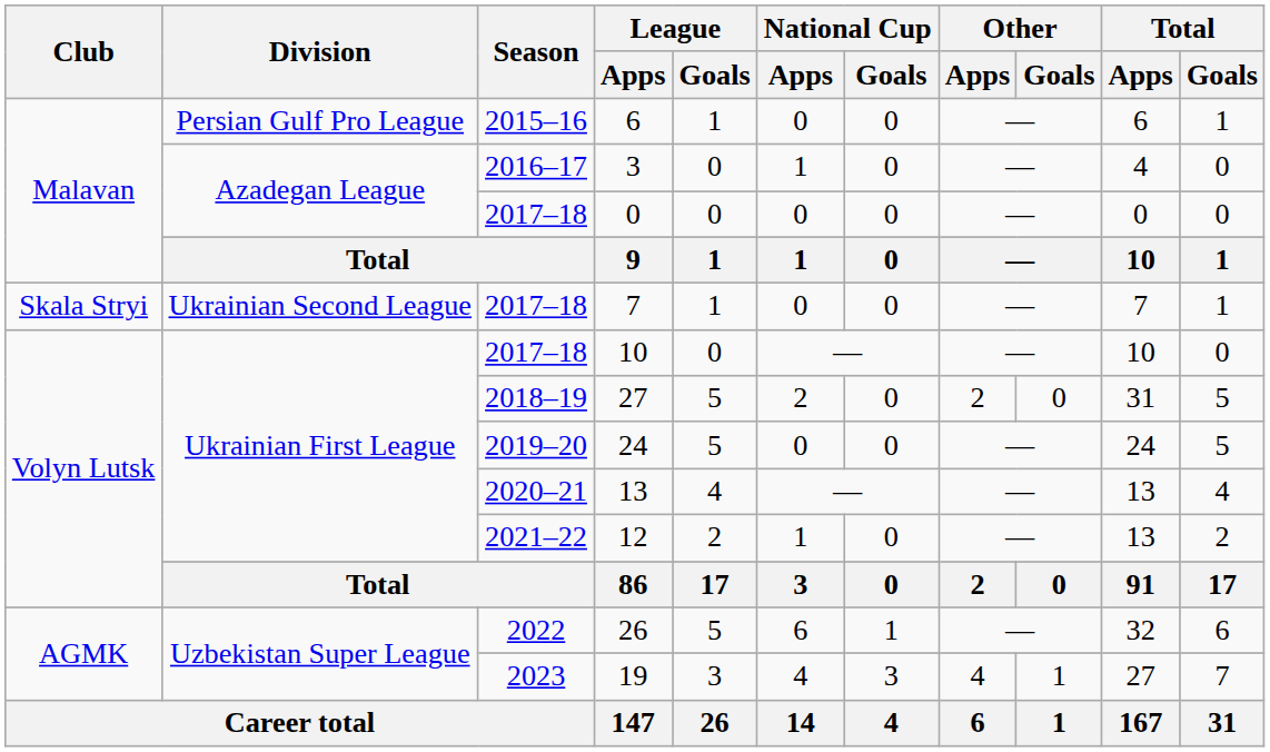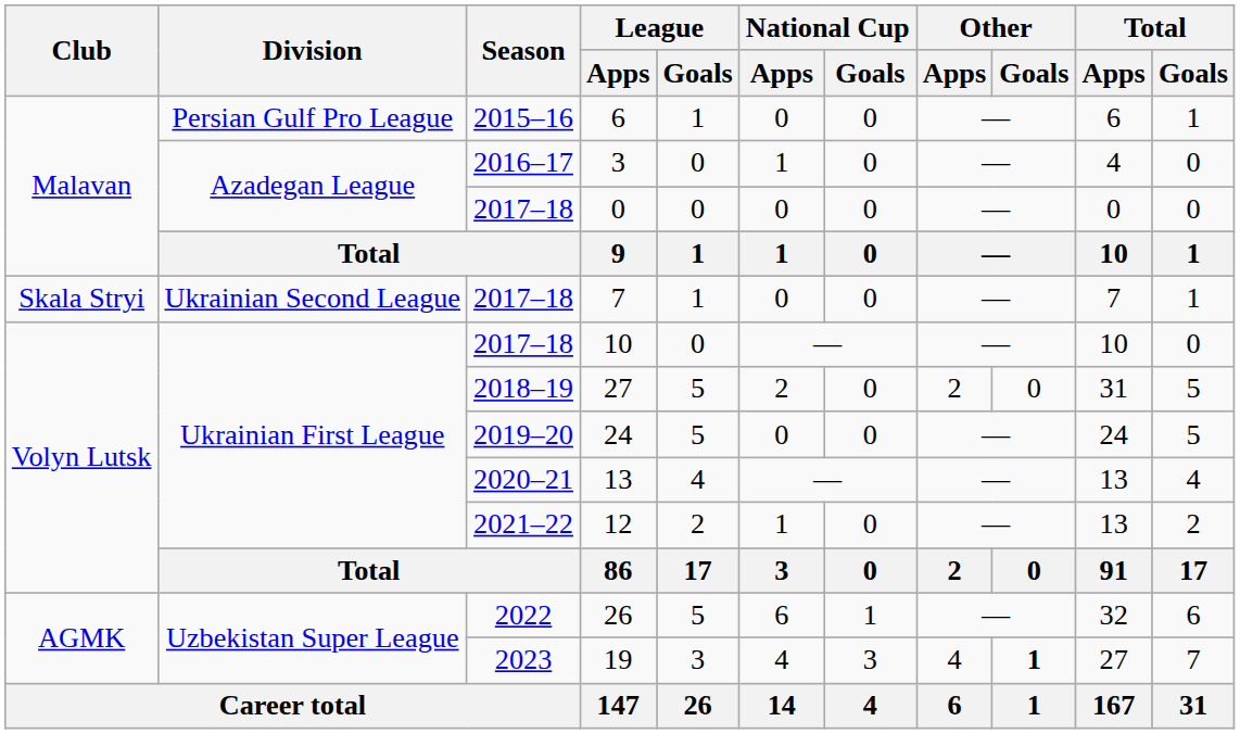 <table class="wikitable" style="text-align: center;">
 <tr>
 <th rowspan="2">Club</th>
 <th rowspan="2">Division</th>
 <th rowspan="2">Season</th>
 <th colspan="2">League</th>
 <th colspan="2">National Cup</th>
 <th colspan="2">Other</th>
 <th colspan="2">Total</th>
 </tr>
 <tr>
 <th>Apps</th>
 <th>Goals</th>
 <th>Apps</th>
 <th>Goals</th>
 <th>Apps</th>
 <th>Goals</th>
 <th>Apps</th>
 <th>Goals</th>
 </tr>
 <tr>
 <td rowspan="4"><a href='#'>Malavan</a></td>
 <td><a href='#'>Persian Gulf Pro League</a></td>
 <td><a href='#'>2015–16</a></td>
 <td>6</td>
 <td>1</td>
 <td>0</td>
 <td>0</td>
 <td colspan=2>—</td>
 <td>6</td>
 <td>1</td>
 </tr>
 <tr>
 <td rowspan="2"><a href='#'>Azadegan League</a></td>
 <td><a href='#'>2016–17</a></td>
 <td>3</td>
 <td>0</td>
 <td>1</td>
 <td>0</td>
 <td colspan=2>—</td>
 <td>4</td>
 <td>0</td>
 </tr>
 <tr>
 <td><a href='#'>2017–18</a></td>
 <td>0</td>
 <td>0</td>
 <td>0</td>
 <td>0</td>
 <td colspan=2>—</td>
 <td>0</td>
 <td>0</td>
 </tr>
 <tr>
 <th colspan=2>Total</th>
 <th>9</th>
 <th>1</th>
 <th>1</th>
 <th>0</th>
 <th colspan=2>—</th>
 <th>10</th>
 <th>1</th>
 </tr>
 <tr>
 <td rowspan="1"><a href='#'>Skala Stryi</a></td>
 <td><a href='#'>Ukrainian Second League</a></td>
 <td><a href='#'>2017–18</a></td>
 <td>7</td>
 <td>1</td>
 <td>0</td>
 <td>0</td>
 <td colspan=2>—</td>
 <td>7</td>
 <td>1</td>
 </tr>
 <tr>
 <td rowspan="6"><a href='#'>Volyn Lutsk</a></td>
 <td rowspan="5"><a href='#'>Ukrainian First League</a></td>
 <td><a href='#'>2017–18</a></td>
 <td>10</td>
 <td>0</td>
 <td colspan=2>—</td>
 <td colspan=2>—</td>
 <td>10</td>
 <td>0</td>
 </tr>
 <tr>
 <td><a href='#'>2018–19</a></td>
 <td>27</td>
 <td>5</td>
 <td>2</td>
 <td>0</td>
 <td>2</td>
 <td>0</td>
 <td>31</td>
 <td>5</td>
 </tr>
 <tr>
 <td><a href='#'>2019–20</a></td>
 <td>24</td>
 <td>5</td>
 <td>0</td>
 <td>0</td>
 <td colspan=2>—</td>
 <td>24</td>
 <td>5</td>
 </tr>
 <tr>
 <td><a href='#'>2020–21</a></td>
 <td>13</td>
 <td>4</td>
 <td colspan=2>—</td>
 <td colspan=2>—</td>
 <td>13</td>
 <td>4</td>
 </tr>
 <tr>
 <td><a href='#'>2021–22</a></td>
 <td>12</td>
 <td>2</td>
 <td>1</td>
 <td>0</td>
 <td colspan=2>—</td>
 <td>13</td>
 <td>2</td>
 </tr>
 <tr>
 <th colspan=2>Total</th>
 <th>86</th>
 <th>17</th>
 <th>3</th>
 <th>0</th>
 <th>2</th>
 <th>0</th>
 <th>91</th>
 <th>17</th>
 </tr>
 <tr>
 <td rowspan="2"><a href='#'>AGMK</a></td>
 <td rowspan="2"><a href='#'>Uzbekistan Super League</a></td>
 <td><a href='#'>2022</a></td>
 <td>26</td>
 <td>5</td>
 <td>6</td>
 <td>1</td>
 <td colspan=2>—</td>
 <td>32</td>
 <td>6</td>
 </tr>
 <tr>
 <td><a href='#'>2023</a></td>
 <td>19</td>
 <td>3</td>
 <td>4</td>
 <td>3</td>
 <td>4</td>
-<td>1</td>
+<td><strong>1</strong></td>
 <td>27</td>
 <td>7</td>
 </tr>
 <tr>
 <th colspan=3>Career total</th>
 <th>147</th>
 <th>26</th>
 <th>14</th>
 <th>4</th>
 <th>6</th>
 <th>1</th>
 <th>167</th>
 <th>31</th>
 </tr>
 </table>
